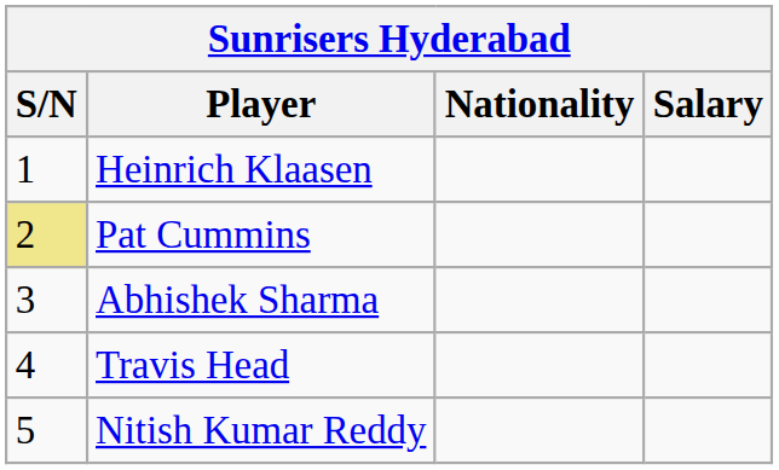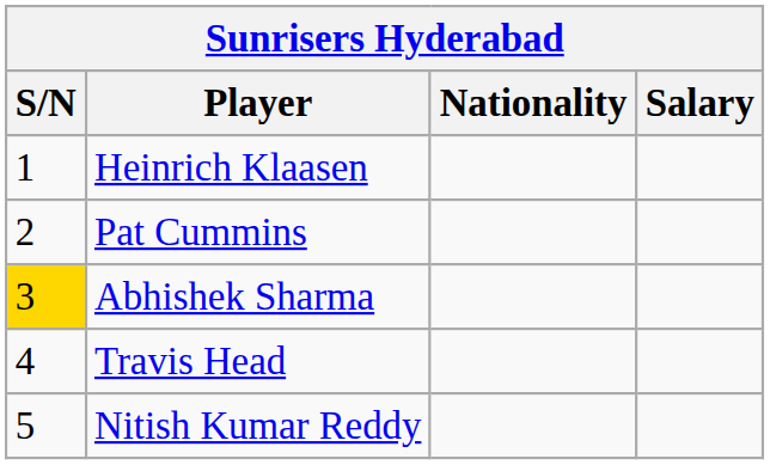 <table class="wikitable" style="font-size:95%;">
 <tr>
 <th scope="colgroup" colspan="4" style="background:#"><a href='#'><span>Sunrisers Hyderabad</span></a></th>
 </tr>
 <tr>
 <th scope="col">S/N</th>
 <th scope="col">Player</th>
 <th scope="col">Nationality</th>
 <th scope="col">Salary</th>
 </tr>
 <tr>
 <td>1</td>
 <td><a href='#'>Heinrich Klaasen</a></td>
 <td></td>
 <td></td>
 </tr>
 <tr>
-<td style="background: khaki;">2</td>
+<td>2</td>
 <td><a href='#'>Pat Cummins</a></td>
 <td></td>
 <td></td>
 </tr>
 <tr>
-<td>3</td>
+<td style="background: gold;">3</td>
 <td><a href='#'>Abhishek Sharma</a></td>
 <td></td>
 <td></td>
 </tr>
 <tr>
 <td>4</td>
 <td><a href='#'>Travis Head</a></td>
 <td></td>
 <td></td>
 </tr>
 <tr>
 <td>5</td>
 <td><a href='#'>Nitish Kumar Reddy</a></td>
 <td></td>
 <td></td>
 </tr>
 </table>
